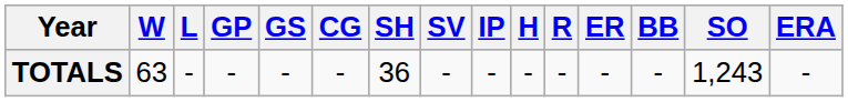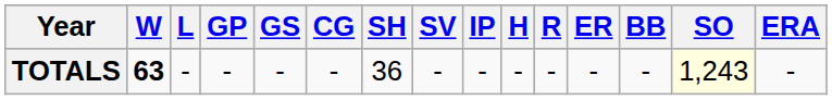 <table class="wikitable" style="text-align:center;">
 <tr>
 <th>Year</th>
 <th><a href='#'>W</a></th>
 <th><a href='#'>L</a></th>
 <th><a href='#'>GP</a></th>
 <th><a href='#'>GS</a></th>
 <th><a href='#'>CG</a></th>
 <th><a href='#'>SH</a></th>
 <th><a href='#'>SV</a></th>
 <th><a href='#'>IP</a></th>
 <th><a href='#'>H</a></th>
 <th><a href='#'>R</a></th>
 <th><a href='#'>ER</a></th>
 <th><a href='#'>BB</a></th>
 <th><a href='#'>SO</a></th>
 <th><a href='#'>ERA</a></th>
 </tr>
 <tr>
 <th><strong>TOTALS</strong></th>
-<td>63</td>
+<td><strong>63</strong></td>
 <td>-</td>
 <td>-</td>
 <td>-</td>
 <td>-</td>
 <td>36</td>
 <td>-</td>
 <td>-</td>
 <td>-</td>
 <td>-</td>
 <td>-</td>
 <td>-</td>
-<td>1,243</td>
+<td style="background: lightyellow;">1,243</td>
 <td>-</td>
 </tr>
 </table>
